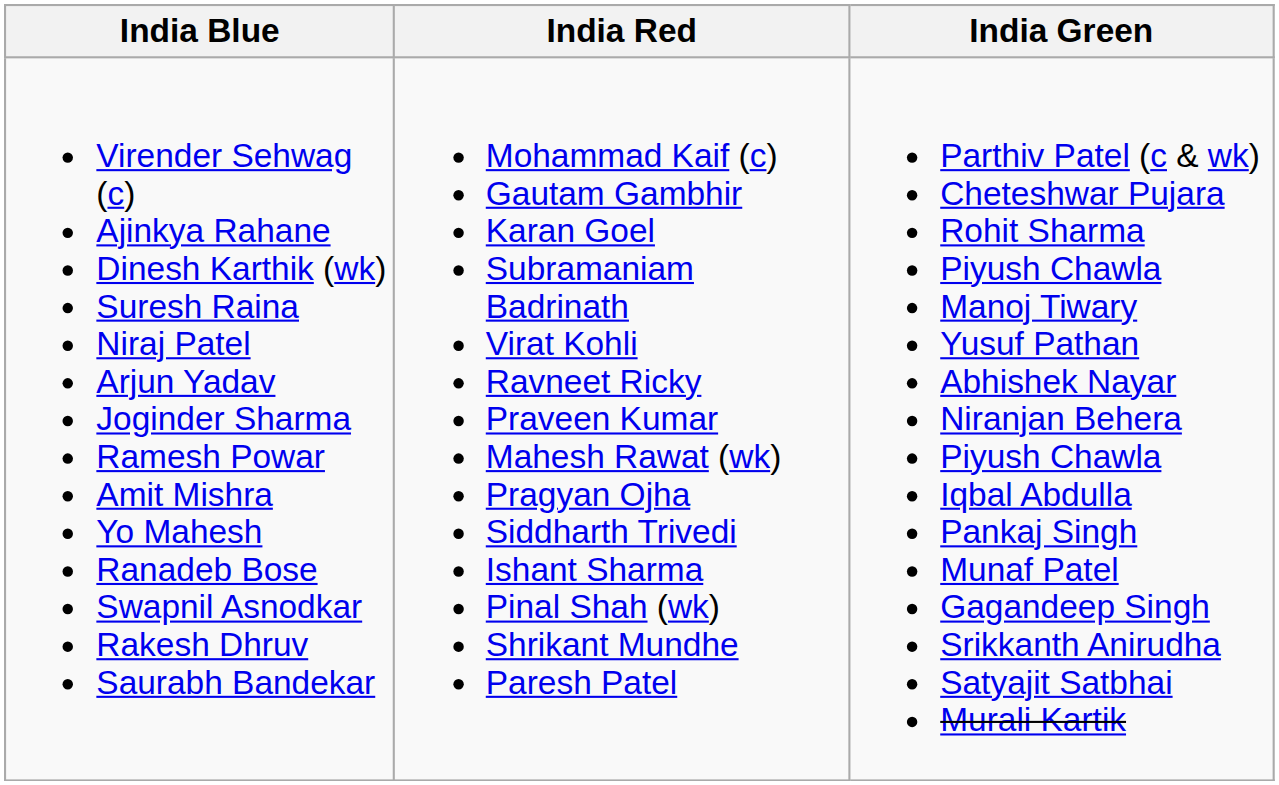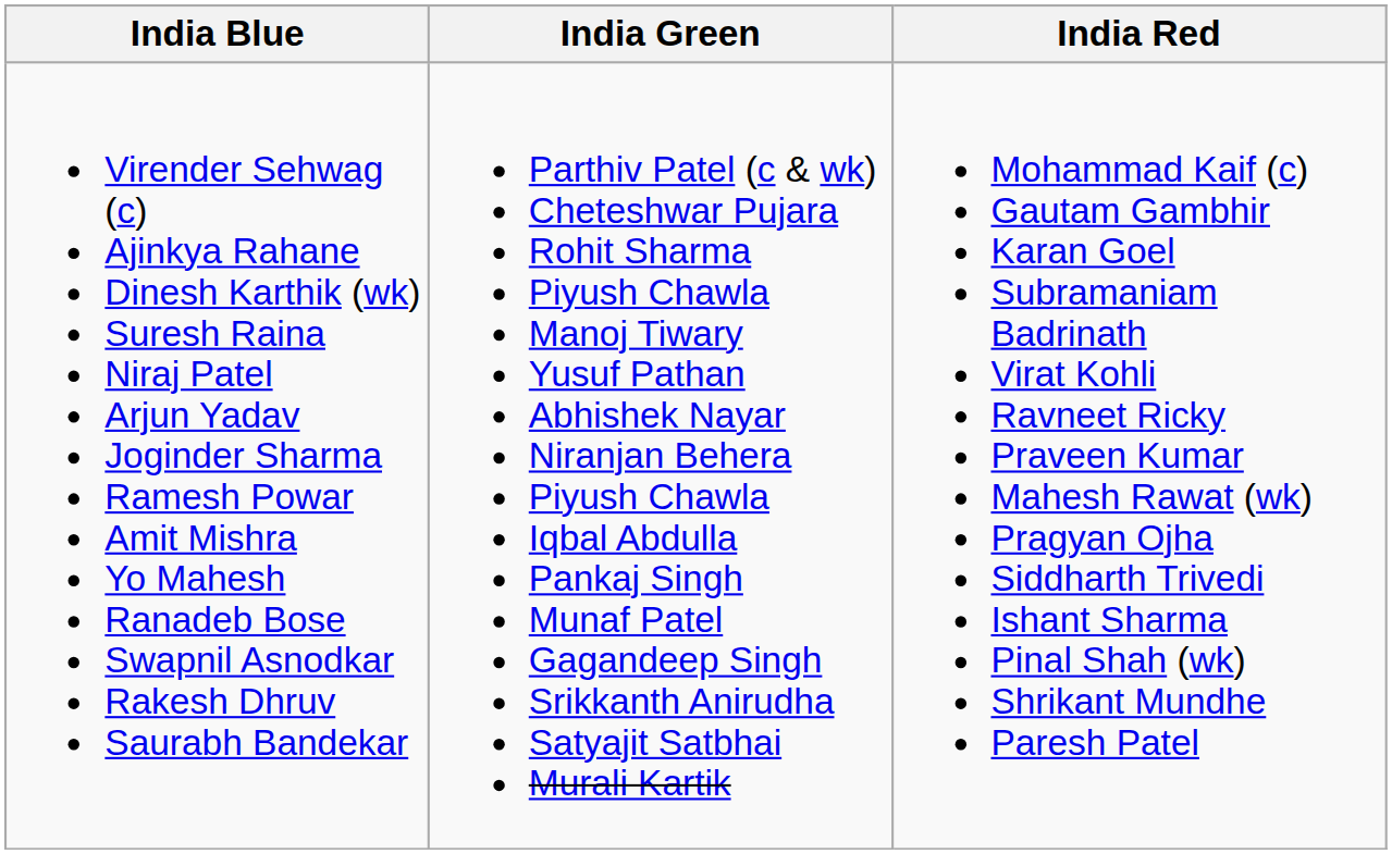 <table class="wikitable">
 <tr>
 <th style="width:15%;"> India Blue </th>
+<th style="width:15%;"> India Green </th>
 <th style="width:15%;"> India Red </th>
-<th style="width:15%;"> India Green </th>
 </tr>
 <tr style="vertical-align:top">
 <td><br><ul><li><a href='#'>Virender Sehwag</a> (<a href='#'>c</a>)</li><li><a href='#'>Ajinkya Rahane</a></li><li><a href='#'>Dinesh Karthik</a> (<a href='#'>wk</a>)</li><li><a href='#'>Suresh Raina</a></li><li><a href='#'>Niraj Patel</a></li><li><a href='#'>Arjun Yadav</a></li><li><a href='#'>Joginder Sharma</a></li><li><a href='#'>Ramesh Powar</a></li><li><a href='#'>Amit Mishra</a></li><li><a href='#'>Yo Mahesh</a></li><li><a href='#'>Ranadeb Bose</a></li><li><a href='#'>Swapnil Asnodkar</a></li><li><a href='#'>Rakesh Dhruv</a></li><li><a href='#'>Saurabh Bandekar</a></li></ul></td>
+<td><br><ul><li><a href='#'>Parthiv Patel</a> (<a href='#'>c</a> & <a href='#'>wk</a>)</li><li><a href='#'>Cheteshwar Pujara</a></li><li><a href='#'>Rohit Sharma</a></li><li><a href='#'>Piyush Chawla</a></li><li><a href='#'>Manoj Tiwary</a></li><li><a href='#'>Yusuf Pathan</a></li><li><a href='#'>Abhishek Nayar</a></li><li><a href='#'>Niranjan Behera</a></li><li><a href='#'>Piyush Chawla</a></li><li><a href='#'>Iqbal Abdulla</a></li><li><a href='#'>Pankaj Singh</a></li><li><a href='#'>Munaf Patel</a></li><li><a href='#'>Gagandeep Singh</a></li><li><a href='#'>Srikkanth Anirudha</a></li><li><a href='#'>Satyajit Satbhai</a></li><li><s><a href='#'>Murali Kartik</a></s></li></ul></td>
 <td><br><ul><li><a href='#'>Mohammad Kaif</a> (<a href='#'>c</a>)</li><li><a href='#'>Gautam Gambhir</a></li><li><a href='#'>Karan Goel</a></li><li><a href='#'>Subramaniam Badrinath</a></li><li><a href='#'>Virat Kohli</a></li><li><a href='#'>Ravneet Ricky</a></li><li><a href='#'>Praveen Kumar</a></li><li><a href='#'>Mahesh Rawat</a> (<a href='#'>wk</a>)</li><li><a href='#'>Pragyan Ojha</a></li><li><a href='#'>Siddharth Trivedi</a></li><li><a href='#'>Ishant Sharma</a></li><li><a href='#'>Pinal Shah</a> (<a href='#'>wk</a>)</li><li><a href='#'>Shrikant Mundhe</a></li><li><a href='#'>Paresh Patel</a></li></ul></td>
-<td><br><ul><li><a href='#'>Parthiv Patel</a> (<a href='#'>c</a> & <a href='#'>wk</a>)</li><li><a href='#'>Cheteshwar Pujara</a></li><li><a href='#'>Rohit Sharma</a></li><li><a href='#'>Piyush Chawla</a></li><li><a href='#'>Manoj Tiwary</a></li><li><a href='#'>Yusuf Pathan</a></li><li><a href='#'>Abhishek Nayar</a></li><li><a href='#'>Niranjan Behera</a></li><li><a href='#'>Piyush Chawla</a></li><li><a href='#'>Iqbal Abdulla</a></li><li><a href='#'>Pankaj Singh</a></li><li><a href='#'>Munaf Patel</a></li><li><a href='#'>Gagandeep Singh</a></li><li><a href='#'>Srikkanth Anirudha</a></li><li><a href='#'>Satyajit Satbhai</a></li><li><s><a href='#'>Murali Kartik</a></s></li></ul></td>
 </tr>
 </table>
